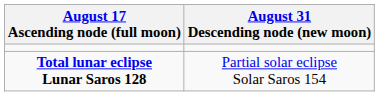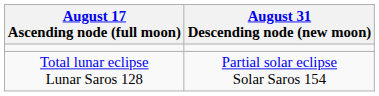 <table class="wikitable">
 <tr>
 <th><a href='#'>August 17</a><br>Ascending node (full moon)<br></th>
 <th><a href='#'>August 31</a><br>Descending node (new moon)<br></th>
 </tr>
 <tr>
 <td></td>
 <td></td>
 </tr>
 <tr align=center>
-<td><strong><a href='#'>Total lunar eclipse</a><br>Lunar Saros 128</strong></td>
+<td><a href='#'>Total lunar eclipse</a><br>Lunar Saros 128</td>
 <td><a href='#'>Partial solar eclipse</a><br>Solar Saros 154</td>
 </tr>
 </table>
